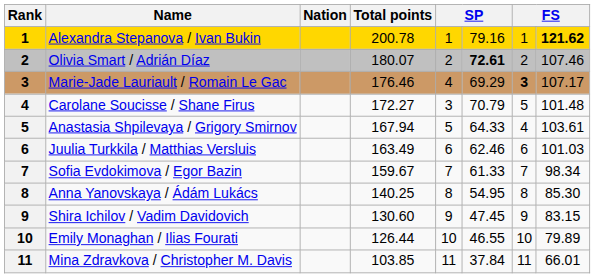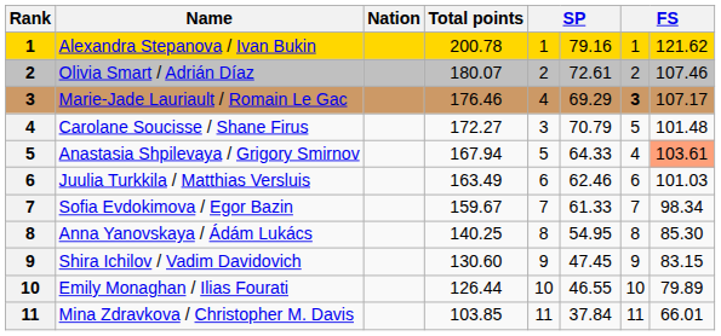 <table class="wikitable sortable">
 <tr>
 <th>Rank</th>
 <th>Name</th>
 <th>Nation</th>
 <th>Total points</th>
 <th colspan="2" width="80px"><a href='#'>SP</a></th>
 <th colspan="2" width="80px"><a href='#'>FS</a></th>
 </tr>
 <tr bgcolor="gold">
 <td align="center"><strong>1</strong></td>
 <td><a href='#'>Alexandra Stepanova</a> / <a href='#'>Ivan Bukin</a></td>
 <td></td>
 <td align="center">200.78</td>
 <td align="center">1</td>
 <td align="center">79.16</td>
 <td align="center">1</td>
-<td align="center"><strong>121.62</strong></td>
+<td align="center">121.62</td>
 </tr>
 <tr bgcolor="silver">
 <td align="center"><strong>2</strong></td>
 <td><a href='#'>Olivia Smart</a> / <a href='#'>Adrián Díaz</a></td>
 <td></td>
 <td align="center">180.07</td>
 <td align="center">2</td>
-<td align="center"><strong>72.61</strong></td>
+<td align="center">72.61</td>
 <td align="center">2</td>
 <td align="center">107.46</td>
 </tr>
 <tr bgcolor="cc9966">
 <td align="center"><strong>3</strong></td>
 <td><a href='#'>Marie-Jade Lauriault</a> / <a href='#'>Romain Le Gac</a></td>
 <td></td>
 <td align="center">176.46</td>
 <td align="center">4</td>
 <td align="center">69.29</td>
 <td align="center"><strong>3</strong></td>
 <td align="center">107.17</td>
 </tr>
 <tr>
 <th>4</th>
 <td><a href='#'>Carolane Soucisse</a> / <a href='#'>Shane Firus</a></td>
 <td></td>
 <td align="center">172.27</td>
 <td align="center">3</td>
 <td align="center">70.79</td>
 <td align="center">5</td>
 <td align="center">101.48</td>
 </tr>
 <tr>
 <th>5</th>
 <td><a href='#'>Anastasia Shpilevaya</a> / <a href='#'>Grigory Smirnov</a></td>
 <td></td>
 <td align="center">167.94</td>
 <td align="center">5</td>
 <td align="center">64.33</td>
 <td align="center">4</td>
-<td align="center">103.61</td>
+<td align="center" style="background: lightsalmon;">103.61</td>
 </tr>
 <tr>
 <th>6</th>
 <td><a href='#'>Juulia Turkkila</a> / <a href='#'>Matthias Versluis</a></td>
 <td></td>
 <td align="center">163.49</td>
 <td align="center">6</td>
 <td align="center">62.46</td>
 <td align="center">6</td>
 <td align="center">101.03</td>
 </tr>
 <tr>
 <th>7</th>
 <td><a href='#'>Sofia Evdokimova</a> / <a href='#'>Egor Bazin</a></td>
 <td></td>
 <td align="center">159.67</td>
 <td align="center">7</td>
 <td align="center">61.33</td>
 <td align="center">7</td>
 <td align="center">98.34</td>
 </tr>
 <tr>
 <th>8</th>
 <td><a href='#'>Anna Yanovskaya</a> / <a href='#'>Ádám Lukács</a></td>
 <td></td>
 <td align="center">140.25</td>
 <td align="center">8</td>
 <td align="center">54.95</td>
 <td align="center">8</td>
 <td align="center">85.30</td>
 </tr>
 <tr>
 <th>9</th>
 <td><a href='#'>Shira Ichilov</a> / <a href='#'>Vadim Davidovich</a></td>
 <td></td>
 <td align="center">130.60</td>
 <td align="center">9</td>
 <td align="center">47.45</td>
 <td align="center">9</td>
 <td align="center">83.15</td>
 </tr>
 <tr>
 <th>10</th>
 <td><a href='#'>Emily Monaghan</a> / <a href='#'>Ilias Fourati</a></td>
 <td></td>
 <td align="center">126.44</td>
 <td align="center">10</td>
 <td align="center">46.55</td>
 <td align="center">10</td>
 <td align="center">79.89</td>
 </tr>
 <tr>
 <th>11</th>
 <td><a href='#'>Mina Zdravkova</a> / <a href='#'>Christopher M. Davis</a></td>
 <td></td>
 <td align="center">103.85</td>
 <td align="center">11</td>
 <td align="center">37.84</td>
 <td align="center">11</td>
 <td align="center">66.01</td>
 </tr>
 </table>
